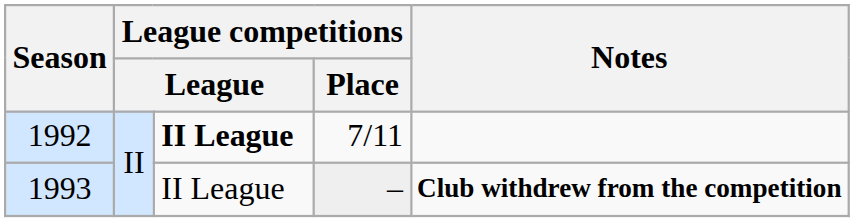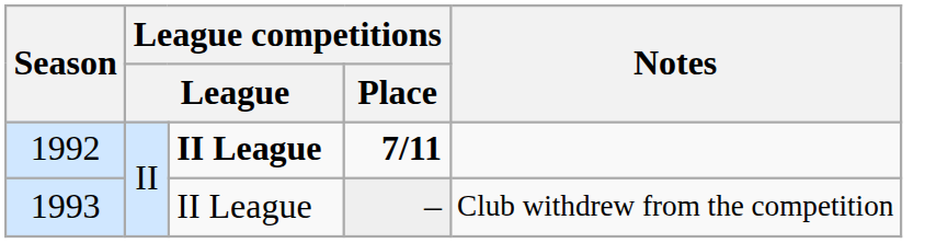 <table class="wikitable" style="text-align:center;font-size:90%">
 <tr>
 <th rowspan="2">Season</th>
 <th colspan="3">League competitions</th>
 <th rowspan="2">Notes</th>
 </tr>
 <tr>
 <th colspan="2">League</th>
 <th>Place</th>
 </tr>
 <tr>
 <td bgcolor="d0e7ff">1992</td>
 <td rowspan="2" bgcolor="d0e7ff">II</td>
 <td style="text-align:left"><strong>II League</strong></td>
-<td style="text-align:right">7<span>/11</span></td>
+<td style="text-align:right"><strong>7<span>/11</span></strong></td>
 <td style="text-align:left;font-size:85%"></td>
 </tr>
 <tr>
 <td bgcolor="d0e7ff">1993</td>
 <td style="text-align:left">II League</td>
 <td style="text-align:right;background-color:#EFEFEF">–</td>
-<td style="text-align:left;font-size:85%"><strong>Club withdrew from the competition</strong></td>
+<td style="text-align:left;font-size:85%">Club withdrew from the competition</td>
 </tr>
 </table>
